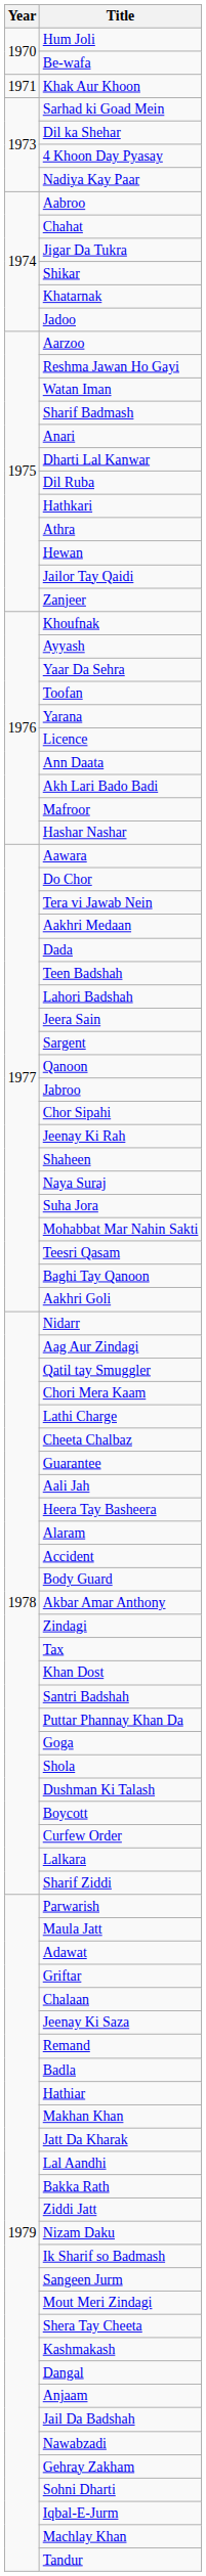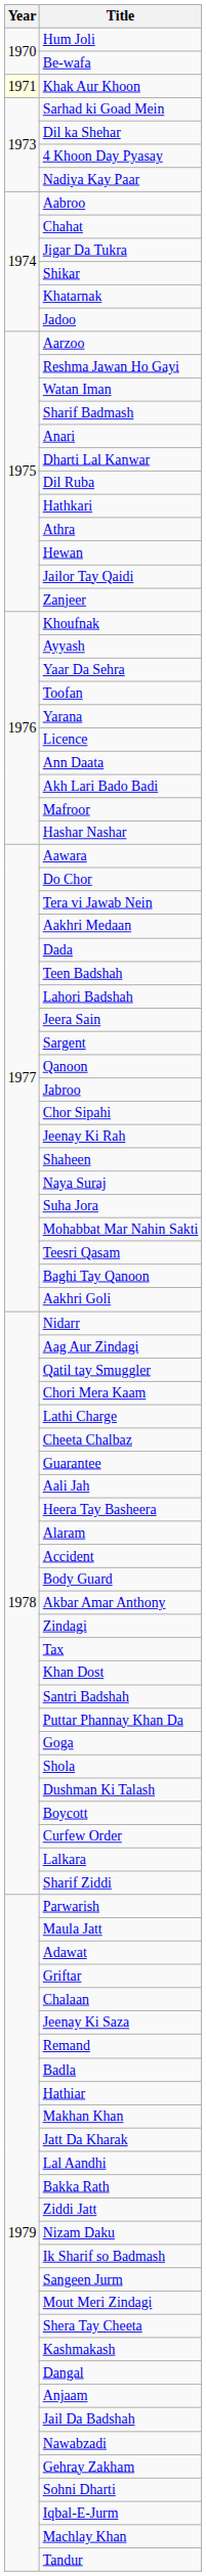 <table class="wikitable" style="font-size:95%;">
 <tr>
 <th><strong>Year</strong></th>
 <th><strong>Title</strong></th>
 </tr>
 <tr>
 <td rowspan="2">1970</td>
 <td><a href='#'>Hum Joli</a></td>
 </tr>
 <tr>
 <td><a href='#'>Be-wafa</a></td>
 </tr>
 <tr>
-<td>1971</td>
+<td style="background: lightyellow;">1971</td>
 <td><a href='#'>Khak Aur Khoon</a></td>
 </tr>
 <tr>
 <td rowspan="4">1973</td>
 <td><a href='#'>Sarhad ki Goad Mein</a></td>
 </tr>
 <tr>
 <td><a href='#'>Dil ka Shehar</a></td>
 </tr>
 <tr>
 <td><a href='#'>4 Khoon Day Pyasay</a></td>
 </tr>
 <tr>
 <td><a href='#'>Nadiya Kay Paar</a></td>
 </tr>
 <tr>
 <td rowspan="6">1974</td>
 <td><a href='#'>Aabroo</a></td>
 </tr>
 <tr>
 <td><a href='#'>Chahat</a></td>
 </tr>
 <tr>
 <td><a href='#'>Jigar Da Tukra</a></td>
 </tr>
 <tr>
 <td><a href='#'>Shikar</a></td>
 </tr>
 <tr>
 <td><a href='#'>Khatarnak</a></td>
 </tr>
 <tr>
 <td><a href='#'>Jadoo</a></td>
 </tr>
 <tr>
 <td rowspan="12">1975</td>
 <td><a href='#'>Aarzoo</a></td>
 </tr>
 <tr>
 <td><a href='#'>Reshma Jawan Ho Gayi</a></td>
 </tr>
 <tr>
 <td><a href='#'>Watan Iman</a></td>
 </tr>
 <tr>
 <td><a href='#'>Sharif Badmash</a></td>
 </tr>
 <tr>
 <td><a href='#'>Anari</a></td>
 </tr>
 <tr>
 <td><a href='#'>Dharti Lal Kanwar</a></td>
 </tr>
 <tr>
 <td><a href='#'>Dil Ruba</a></td>
 </tr>
 <tr>
 <td><a href='#'>Hathkari</a></td>
 </tr>
 <tr>
 <td><a href='#'>Athra</a></td>
 </tr>
 <tr>
 <td><a href='#'>Hewan</a></td>
 </tr>
 <tr>
 <td><a href='#'>Jailor Tay Qaidi</a></td>
 </tr>
 <tr>
 <td><a href='#'>Zanjeer</a></td>
 </tr>
 <tr>
 <td rowspan="10">1976</td>
 <td><a href='#'>Khoufnak</a></td>
 </tr>
 <tr>
 <td><a href='#'>Ayyash</a></td>
 </tr>
 <tr>
 <td><a href='#'>Yaar Da Sehra</a></td>
 </tr>
 <tr>
 <td><a href='#'>Toofan</a></td>
 </tr>
 <tr>
 <td><a href='#'>Yarana</a></td>
 </tr>
 <tr>
 <td><a href='#'>Licence</a></td>
 </tr>
 <tr>
 <td><a href='#'>Ann Daata</a></td>
 </tr>
 <tr>
 <td><a href='#'>Akh Lari Bado Badi</a></td>
 </tr>
 <tr>
 <td><a href='#'>Mafroor</a></td>
 </tr>
 <tr>
 <td><a href='#'>Hashar Nashar</a></td>
 </tr>
 <tr>
 <td rowspan="20">1977</td>
 <td><a href='#'>Aawara</a></td>
 </tr>
 <tr>
 <td><a href='#'>Do Chor</a></td>
 </tr>
 <tr>
 <td><a href='#'>Tera vi Jawab Nein</a></td>
 </tr>
 <tr>
 <td><a href='#'>Aakhri Medaan</a></td>
 </tr>
 <tr>
 <td><a href='#'>Dada</a></td>
 </tr>
 <tr>
 <td><a href='#'>Teen Badshah</a></td>
 </tr>
 <tr>
 <td><a href='#'>Lahori Badshah</a></td>
 </tr>
 <tr>
 <td><a href='#'>Jeera Sain</a></td>
 </tr>
 <tr>
 <td><a href='#'>Sargent</a></td>
 </tr>
 <tr>
 <td><a href='#'>Qanoon</a></td>
 </tr>
 <tr>
 <td><a href='#'>Jabroo</a></td>
 </tr>
 <tr>
 <td><a href='#'>Chor Sipahi</a></td>
 </tr>
 <tr>
 <td><a href='#'>Jeenay Ki Rah</a></td>
 </tr>
 <tr>
 <td><a href='#'>Shaheen</a></td>
 </tr>
 <tr>
 <td><a href='#'>Naya Suraj</a></td>
 </tr>
 <tr>
 <td><a href='#'>Suha Jora</a></td>
 </tr>
 <tr>
 <td><a href='#'>Mohabbat Mar Nahin Sakti</a></td>
 </tr>
 <tr>
 <td><a href='#'>Teesri Qasam</a></td>
 </tr>
 <tr>
 <td><a href='#'>Baghi Tay Qanoon</a></td>
 </tr>
 <tr>
 <td><a href='#'>Aakhri Goli</a></td>
 </tr>
 <tr>
 <td rowspan="25">1978</td>
 <td><a href='#'>Nidarr</a></td>
 </tr>
 <tr>
 <td><a href='#'>Aag Aur Zindagi</a></td>
 </tr>
 <tr>
 <td><a href='#'>Qatil tay Smuggler</a></td>
 </tr>
 <tr>
 <td><a href='#'>Chori Mera Kaam</a></td>
 </tr>
 <tr>
 <td><a href='#'>Lathi Charge</a></td>
 </tr>
 <tr>
 <td><a href='#'>Cheeta Chalbaz</a></td>
 </tr>
 <tr>
 <td><a href='#'>Guarantee</a></td>
 </tr>
 <tr>
 <td><a href='#'>Aali Jah</a></td>
 </tr>
 <tr>
 <td><a href='#'>Heera Tay Basheera</a></td>
 </tr>
 <tr>
 <td><a href='#'>Alaram</a></td>
 </tr>
 <tr>
 <td><a href='#'>Accident</a></td>
 </tr>
 <tr>
 <td><a href='#'>Body Guard</a></td>
 </tr>
 <tr>
 <td><a href='#'>Akbar Amar Anthony</a></td>
 </tr>
 <tr>
 <td><a href='#'>Zindagi</a></td>
 </tr>
 <tr>
 <td><a href='#'>Tax</a></td>
 </tr>
 <tr>
 <td><a href='#'>Khan Dost</a></td>
 </tr>
 <tr>
 <td><a href='#'>Santri Badshah</a></td>
 </tr>
 <tr>
 <td><a href='#'>Puttar Phannay Khan Da</a></td>
 </tr>
 <tr>
 <td><a href='#'>Goga</a></td>
 </tr>
 <tr>
 <td><a href='#'>Shola</a></td>
 </tr>
 <tr>
 <td><a href='#'>Dushman Ki Talash</a></td>
 </tr>
 <tr>
 <td><a href='#'>Boycott</a></td>
 </tr>
 <tr>
 <td><a href='#'>Curfew Order</a></td>
 </tr>
 <tr>
 <td><a href='#'>Lalkara</a></td>
 </tr>
 <tr>
 <td><a href='#'>Sharif Ziddi</a></td>
 </tr>
 <tr>
 <td rowspan="29">1979</td>
 <td><a href='#'>Parwarish</a></td>
 </tr>
 <tr>
 <td><a href='#'>Maula Jatt</a></td>
 </tr>
 <tr>
 <td><a href='#'>Adawat</a></td>
 </tr>
 <tr>
 <td><a href='#'>Griftar</a></td>
 </tr>
 <tr>
 <td><a href='#'>Chalaan</a></td>
 </tr>
 <tr>
 <td><a href='#'>Jeenay Ki Saza</a></td>
 </tr>
 <tr>
 <td><a href='#'>Remand</a></td>
 </tr>
 <tr>
 <td><a href='#'>Badla</a></td>
 </tr>
 <tr>
 <td><a href='#'>Hathiar</a></td>
 </tr>
 <tr>
 <td><a href='#'>Makhan Khan</a></td>
 </tr>
 <tr>
 <td><a href='#'>Jatt Da Kharak</a></td>
 </tr>
 <tr>
 <td><a href='#'>Lal Aandhi</a></td>
 </tr>
 <tr>
 <td><a href='#'>Bakka Rath</a></td>
 </tr>
 <tr>
 <td><a href='#'>Ziddi Jatt</a></td>
 </tr>
 <tr>
 <td><a href='#'>Nizam Daku</a></td>
 </tr>
 <tr>
 <td><a href='#'>Ik Sharif so Badmash</a></td>
 </tr>
 <tr>
 <td><a href='#'>Sangeen Jurm</a></td>
 </tr>
 <tr>
 <td><a href='#'>Mout Meri Zindagi</a></td>
 </tr>
 <tr>
 <td><a href='#'>Shera Tay Cheeta</a></td>
 </tr>
 <tr>
 <td><a href='#'>Kashmakash</a></td>
 </tr>
 <tr>
 <td><a href='#'>Dangal</a></td>
 </tr>
 <tr>
 <td><a href='#'>Anjaam</a></td>
 </tr>
 <tr>
 <td><a href='#'>Jail Da Badshah</a></td>
 </tr>
 <tr>
 <td><a href='#'>Nawabzadi</a></td>
 </tr>
 <tr>
 <td><a href='#'>Gehray Zakham</a></td>
 </tr>
 <tr>
 <td><a href='#'>Sohni Dharti</a></td>
 </tr>
 <tr>
 <td><a href='#'>Iqbal-E-Jurm</a></td>
 </tr>
 <tr>
 <td><a href='#'>Machlay Khan</a></td>
 </tr>
 <tr>
 <td><a href='#'>Tandur</a></td>
 </tr>
 </table>
